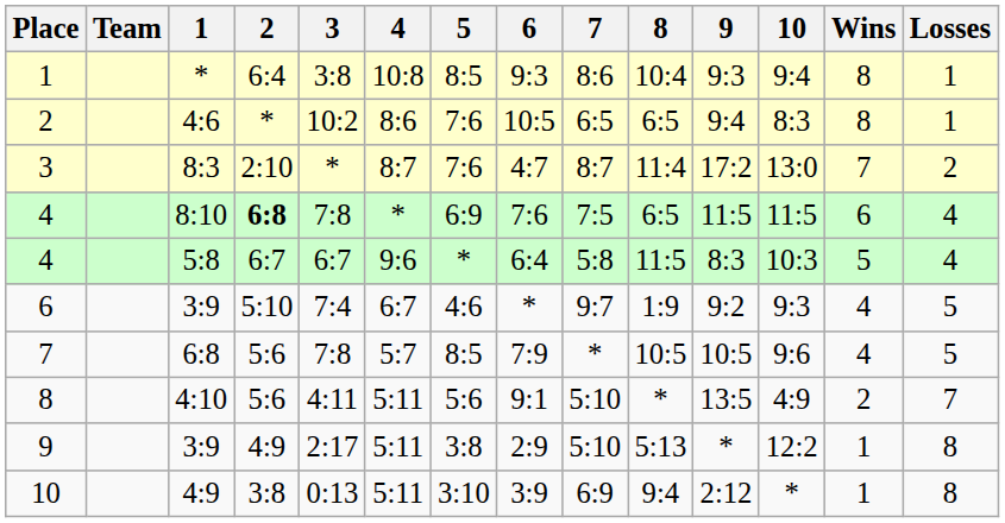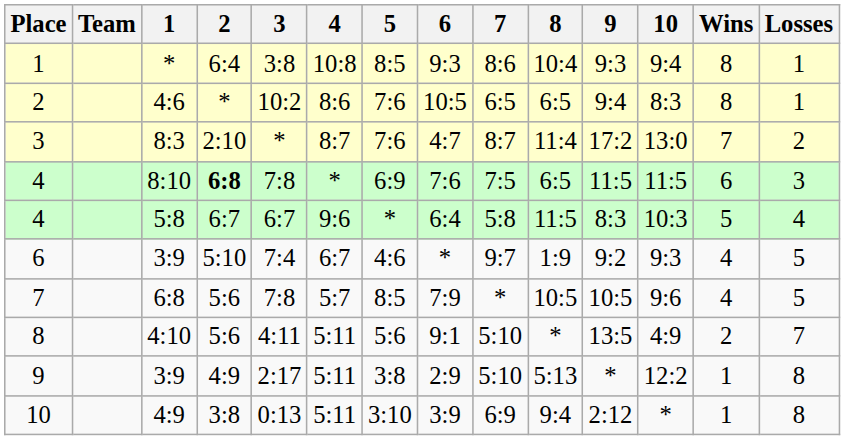 <table class="wikitable" style="text-align:center;">
 <tr>
 <th>Place</th>
 <th>Team</th>
 <th width="25">1</th>
 <th width="25">2</th>
 <th width="25">3</th>
 <th width="25">4</th>
 <th width="25">5</th>
 <th width="25">6</th>
 <th width="25">7</th>
 <th width="25">8</th>
 <th width="25">9</th>
 <th width="25">10</th>
 <th>Wins</th>
 <th>Losses</th>
 </tr>
 <tr bgcolor=#ffc>
 <td>1</td>
 <td align="left"></td>
 <td>*</td>
 <td>6:4</td>
 <td>3:8</td>
 <td>10:8</td>
 <td>8:5</td>
 <td>9:3</td>
 <td>8:6</td>
 <td>10:4</td>
 <td>9:3</td>
 <td>9:4</td>
 <td>8</td>
 <td>1</td>
 </tr>
 <tr bgcolor=#ffc>
 <td>2</td>
 <td align="left"></td>
 <td>4:6</td>
 <td>*</td>
 <td>10:2</td>
 <td>8:6</td>
 <td>7:6</td>
 <td>10:5</td>
 <td>6:5</td>
 <td>6:5</td>
 <td>9:4</td>
 <td>8:3</td>
 <td>8</td>
 <td>1</td>
 </tr>
 <tr bgcolor=#ffc>
 <td>3</td>
 <td align="left"></td>
 <td>8:3</td>
 <td>2:10</td>
 <td>*</td>
 <td>8:7</td>
 <td>7:6</td>
 <td>4:7</td>
 <td>8:7</td>
 <td>11:4</td>
 <td>17:2</td>
 <td>13:0</td>
 <td>7</td>
 <td>2</td>
 </tr>
 <tr bgcolor=#cfc>
 <td>4</td>
 <td align="left"></td>
 <td>8:10</td>
 <td><strong>6:8</strong></td>
 <td>7:8</td>
 <td>*</td>
 <td>6:9</td>
 <td>7:6</td>
 <td>7:5</td>
 <td>6:5</td>
 <td>11:5</td>
 <td>11:5</td>
 <td>6</td>
-<td>4</td>
+<td>3</td>
 </tr>
 <tr bgcolor=#cfc>
 <td>4</td>
 <td align="left"></td>
 <td>5:8</td>
 <td>6:7</td>
 <td>6:7</td>
 <td>9:6</td>
 <td>*</td>
 <td>6:4</td>
 <td>5:8</td>
 <td>11:5</td>
 <td>8:3</td>
 <td>10:3</td>
 <td>5</td>
 <td>4</td>
 </tr>
 <tr>
 <td>6</td>
 <td align="left"></td>
 <td>3:9</td>
 <td>5:10</td>
 <td>7:4</td>
 <td>6:7</td>
 <td>4:6</td>
 <td>*</td>
 <td>9:7</td>
 <td>1:9</td>
 <td>9:2</td>
 <td>9:3</td>
 <td>4</td>
 <td>5</td>
 </tr>
 <tr>
 <td>7</td>
 <td align="left"></td>
 <td>6:8</td>
 <td>5:6</td>
 <td>7:8</td>
 <td>5:7</td>
 <td>8:5</td>
 <td>7:9</td>
 <td>*</td>
 <td>10:5</td>
 <td>10:5</td>
 <td>9:6</td>
 <td>4</td>
 <td>5</td>
 </tr>
 <tr>
 <td>8</td>
 <td align="left"></td>
 <td>4:10</td>
 <td>5:6</td>
 <td>4:11</td>
 <td>5:11</td>
 <td>5:6</td>
 <td>9:1</td>
 <td>5:10</td>
 <td>*</td>
 <td>13:5</td>
 <td>4:9</td>
 <td>2</td>
 <td>7</td>
 </tr>
 <tr>
 <td>9</td>
 <td align="left"></td>
 <td>3:9</td>
 <td>4:9</td>
 <td>2:17</td>
 <td>5:11</td>
 <td>3:8</td>
 <td>2:9</td>
 <td>5:10</td>
 <td>5:13</td>
 <td>*</td>
 <td>12:2</td>
 <td>1</td>
 <td>8</td>
 </tr>
 <tr>
 <td>10</td>
 <td align="left"></td>
 <td>4:9</td>
 <td>3:8</td>
 <td>0:13</td>
 <td>5:11</td>
 <td>3:10</td>
 <td>3:9</td>
 <td>6:9</td>
 <td>9:4</td>
 <td>2:12</td>
 <td>*</td>
 <td>1</td>
 <td>8</td>
 </tr>
 </table>
